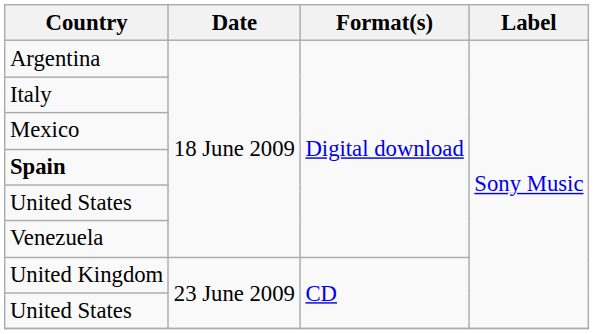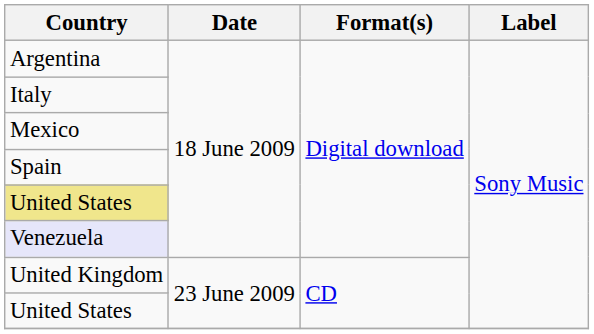 <table class="wikitable plainrowheaders">
 <tr>
 <th scope="col">Country</th>
 <th scope="col">Date</th>
 <th scope="col">Format(s)</th>
 <th scope="col">Label</th>
 </tr>
 <tr>
 <td scope="row">Argentina</td>
 <td rowspan="6">18 June 2009</td>
 <td rowspan="6"><a href='#'>Digital download</a></td>
 <td rowspan="8"><a href='#'>Sony Music</a></td>
 </tr>
 <tr>
 <td scope="row">Italy</td>
 </tr>
 <tr>
 <td scope="row">Mexico</td>
 </tr>
 <tr>
-<td scope="row"><strong>Spain</strong></td>
+<td scope="row">Spain</td>
 </tr>
 <tr>
-<td scope="row" rowspan="">United States</td>
+<td scope="row" rowspan="" style="background: khaki;">United States</td>
 </tr>
 <tr>
-<td scope="row">Venezuela</td>
+<td scope="row" style="background: lavender;">Venezuela</td>
 </tr>
 <tr>
 <td scope="row" rowspan="">United Kingdom</td>
 <td rowspan="2">23 June 2009</td>
 <td rowspan="2"><a href='#'>CD</a></td>
 </tr>
 <tr>
 <td scope="row" rowspan="">United States</td>
 </tr>
 <tr>
 </tr>
 </table>
